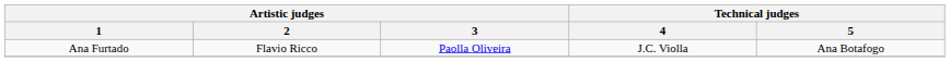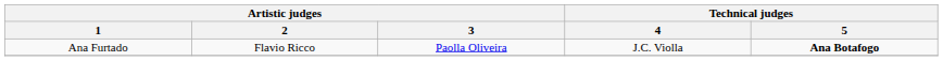 <table class="wikitable" style="font-size:100%; line-height:16px; text-align:center" width="100%">
 <tr>
 <th colspan=3>Artistic judges</th>
 <th colspan=2>Technical judges</th>
 </tr>
 <tr>
 <th style="width:20.0%;">1</th>
 <th style="width:20.0%;">2</th>
 <th style="width:20.0%;">3</th>
 <th style="width:20.0%;">4</th>
 <th style="width:20.0%;">5</th>
 </tr>
 <tr>
 <td>Ana Furtado</td>
 <td>Flavio Ricco</td>
 <td><a href='#'>Paolla Oliveira</a></td>
 <td>J.C. Violla</td>
-<td>Ana Botafogo</td>
+<td><strong>Ana Botafogo</strong></td>
 </tr>
 <tr>
 </tr>
 </table>
